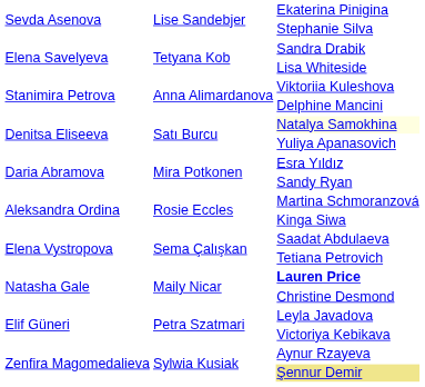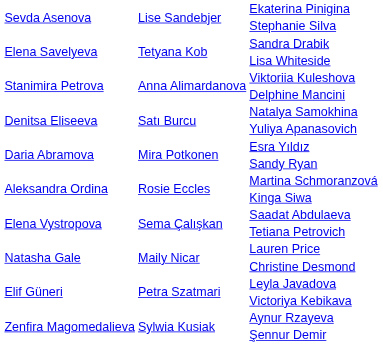 <table>
 <tr>
 <td rowspan=2 align="center"><strong></strong></td>
 <td rowspan=2> <a href='#'>Sevda Asenova</a></td>
 <td rowspan=2> <a href='#'>Lise Sandebjer</a></td>
 <td> <a href='#'>Ekaterina Pinigina</a></td>
 </tr>
 <tr>
 <td> <a href='#'>Stephanie Silva</a></td>
 </tr>
 <tr>
 <td rowspan=2 align="center"><strong></strong></td>
 <td rowspan=2> <a href='#'>Elena Savelyeva</a></td>
 <td rowspan=2> <a href='#'>Tetyana Kob</a></td>
 <td> <a href='#'>Sandra Drabik</a></td>
 </tr>
 <tr>
 <td> <a href='#'>Lisa Whiteside</a></td>
 </tr>
 <tr>
 <td rowspan=2 align="center"><strong></strong></td>
 <td rowspan=2> <a href='#'>Stanimira Petrova</a></td>
 <td rowspan=2> <a href='#'>Anna Alimardanova</a></td>
 <td> <a href='#'>Viktoriia Kuleshova</a></td>
 </tr>
 <tr>
 <td> <a href='#'>Delphine Mancini</a></td>
 </tr>
 <tr>
 <td rowspan=2 align="center"><strong></strong></td>
 <td rowspan=2> <a href='#'>Denitsa Eliseeva</a></td>
 <td rowspan=2> <a href='#'>Satı Burcu</a></td>
-<td style="background: lightyellow;"> <a href='#'>Natalya Samokhina</a></td>
+<td> <a href='#'>Natalya Samokhina</a></td>
 </tr>
 <tr>
 <td> <a href='#'>Yuliya Apanasovich</a></td>
 </tr>
 <tr>
 <td rowspan=2 align="center"><strong></strong></td>
 <td rowspan=2> <a href='#'>Daria Abramova</a></td>
 <td rowspan=2> <a href='#'>Mira Potkonen</a></td>
 <td> <a href='#'>Esra Yıldız</a></td>
 </tr>
 <tr>
 <td> <a href='#'>Sandy Ryan</a></td>
 </tr>
 <tr>
 <td rowspan=2 align="center"><strong></strong></td>
 <td rowspan=2> <a href='#'>Aleksandra Ordina</a></td>
 <td rowspan=2> <a href='#'>Rosie Eccles</a></td>
 <td> <a href='#'>Martina Schmoranzová</a></td>
 </tr>
 <tr>
 <td> <a href='#'>Kinga Siwa</a></td>
 </tr>
 <tr>
 <td rowspan=2 align="center"><strong></strong></td>
 <td rowspan=2> <a href='#'>Elena Vystropova</a></td>
 <td rowspan=2> <a href='#'>Sema Çalışkan</a></td>
 <td> <a href='#'>Saadat Abdulaeva</a></td>
 </tr>
 <tr>
 <td> <a href='#'>Tetiana Petrovich</a></td>
 </tr>
 <tr>
 <td rowspan=2 align="center"><strong></strong></td>
 <td rowspan=2> <a href='#'>Natasha Gale</a></td>
 <td rowspan=2> <a href='#'>Maily Nicar</a></td>
-<td><strong> <a href='#'>Lauren Price</a></strong></td>
+<td> <a href='#'>Lauren Price</a></td>
 </tr>
 <tr>
 <td> <a href='#'>Christine Desmond</a></td>
 </tr>
 <tr>
 <td rowspan=2 align="center"><strong></strong></td>
 <td rowspan=2> <a href='#'>Elif Güneri</a></td>
 <td rowspan=2> <a href='#'>Petra Szatmari</a></td>
 <td> <a href='#'>Leyla Javadova</a></td>
 </tr>
 <tr>
 <td> <a href='#'>Victoriya Kebikava</a></td>
 </tr>
 <tr>
 <td rowspan=2 align="center"><strong></strong></td>
 <td rowspan=2> <a href='#'>Zenfira Magomedalieva</a></td>
 <td rowspan=2> <a href='#'>Sylwia Kusiak</a></td>
 <td> <a href='#'>Aynur Rzayeva</a></td>
 </tr>
 <tr>
-<td style="background: khaki;"> <a href='#'>Şennur Demir</a></td>
+<td> <a href='#'>Şennur Demir</a></td>
 </tr>
 </table>
